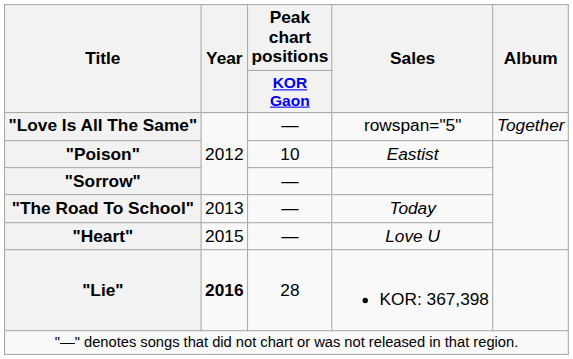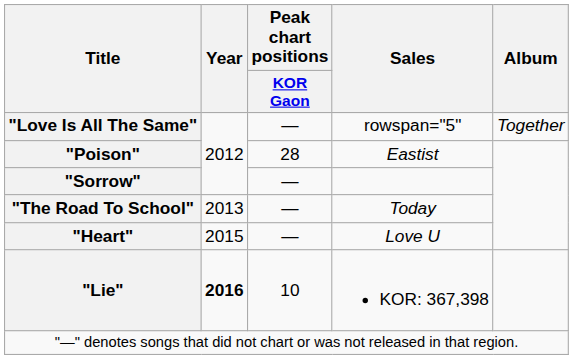 <table class="wikitable plainrowheaders" style="text-align:center">
 <tr>
 <th scope="col" rowspan="2">Title</th>
 <th scope="col" rowspan="2">Year</th>
 <th scope="col">Peak chart positions</th>
 <th scope="col" rowspan="2">Sales</th>
 <th scope="col" rowspan="2">Album</th>
 </tr>
 <tr>
 <th style="width:3em;font-size:90%"><a href='#'>KOR<br>Gaon</a></th>
 </tr>
 <tr>
 <th scope="row">"Love Is All The Same"<br></th>
 <td rowspan="3">2012</td>
 <td>—</td>
 <td>rowspan="5" </td>
 <td><em>Together</em></td>
 </tr>
 <tr>
 <th scope="row">"Poison"<br></th>
-<td>10</td>
+<td>28</td>
 <td><em>Eastist</em></td>
 </tr>
 <tr>
 <th scope="row">"Sorrow"<br></th>
 <td>—</td>
 <td></td>
 </tr>
 <tr>
 <th scope="row">"The Road To School"<br></th>
 <td>2013</td>
 <td>—</td>
 <td><em>Today</em></td>
 </tr>
 <tr>
 <th scope="row">"Heart"<br></th>
 <td>2015</td>
 <td>—</td>
 <td><em>Love U</em></td>
 </tr>
 <tr>
 <th scope="row">"Lie"<br></th>
 <td><strong>2016</strong></td>
-<td>28</td>
+<td>10</td>
 <td><br><ul><li>KOR: 367,398</li></ul></td>
 <td></td>
 </tr>
 <tr>
 <td colspan="5" style="font-size:85%">"—" denotes songs that did not chart or was not released in that region.</td>
 </tr>
 </table>
